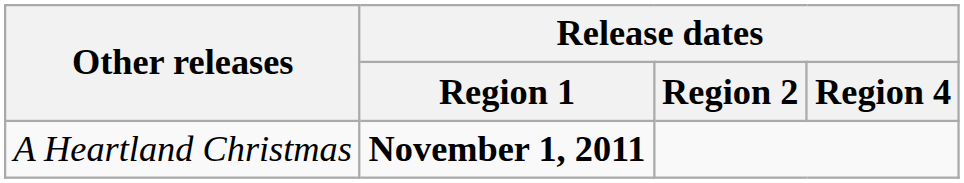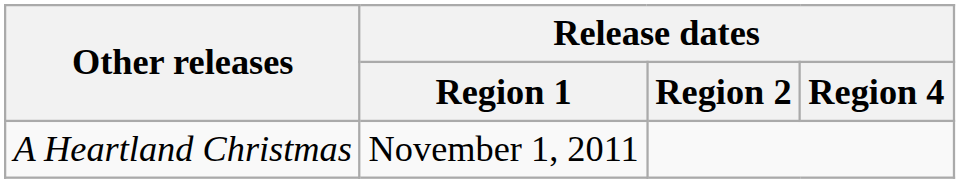 <table class="wikitable">
 <tr>
 <th rowspan="2">Other releases</th>
 <th colspan="3">Release dates</th>
 </tr>
 <tr>
 <th>Region 1</th>
 <th>Region 2</th>
 <th>Region 4</th>
 </tr>
 <tr>
 <td><em>A Heartland Christmas</em></td>
-<td><strong>November 1, 2011</strong></td>
+<td>November 1, 2011</td>
 </tr>
 </table>
